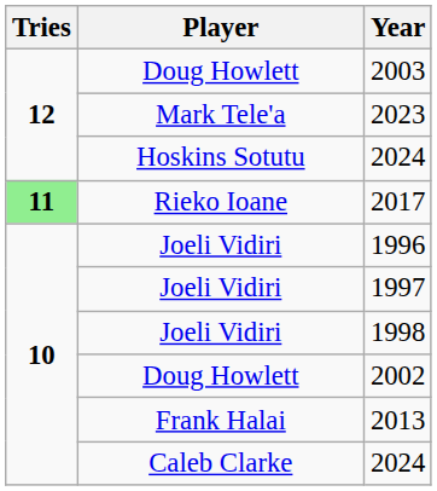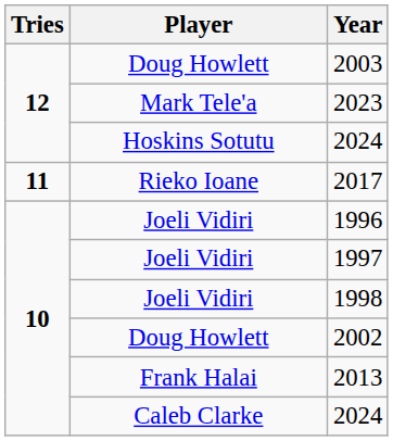 <table class="wikitable sortable" style="text-align:center;">
 <tr>
 <th>Tries</th>
 <th style="width:160px;">Player</th>
 <th>Year</th>
 </tr>
 <tr>
 <td rowspan="3"><strong>12</strong></td>
 <td><a href='#'>Doug Howlett</a></td>
 <td>2003</td>
 </tr>
 <tr>
 <td><a href='#'>Mark Tele'a</a></td>
 <td>2023</td>
 </tr>
 <tr>
 <td><a href='#'>Hoskins Sotutu</a></td>
 <td>2024</td>
 </tr>
 <tr>
-<td style="background: lightgreen;"><strong>11</strong></td>
+<td><strong>11</strong></td>
 <td><a href='#'>Rieko Ioane</a></td>
 <td>2017</td>
 </tr>
 <tr>
 <td rowspan="6"><strong>10</strong></td>
 <td><a href='#'>Joeli Vidiri</a></td>
 <td>1996</td>
 </tr>
 <tr>
 <td><a href='#'>Joeli Vidiri</a></td>
 <td>1997</td>
 </tr>
 <tr>
 <td><a href='#'>Joeli Vidiri</a></td>
 <td>1998</td>
 </tr>
 <tr>
 <td><a href='#'>Doug Howlett</a></td>
 <td>2002</td>
 </tr>
 <tr>
 <td><a href='#'>Frank Halai</a></td>
 <td>2013</td>
 </tr>
 <tr>
 <td><a href='#'>Caleb Clarke</a></td>
 <td>2024</td>
 </tr>
 </table>
